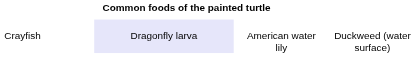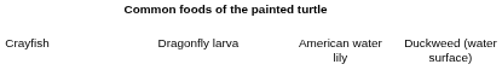 <table style="margin:0.5em auto 0.5em auto; text-align:center; width:760px;" cellpadding="0" cellspacing="10">
 <tr>
 <td colspan="4"><strong>Common foods of the painted turtle</strong></td>
 </tr>
 <tr style="vertical-align:top;">
 <td style="width:210px;"><br>Crayfish</td>
-<td style="background: lavender; width:225px;"><br>Dragonfly larva</td>
+<td style="width:225px;"><br>Dragonfly larva</td>
 <td style="width:133px;"><br>American water lily</td>
 <td style="width:140px;"><br>Duckweed (water surface)</td>
 </tr>
 </table>
